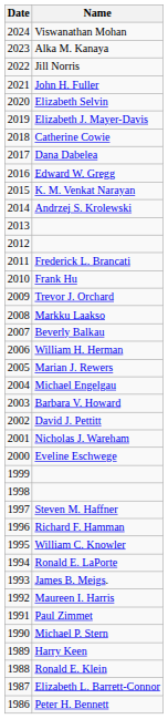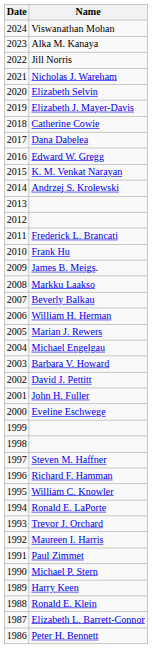 <table class="wikitable">
 <tr>
 <th>Date</th>
 <th>Name</th>
 </tr>
 <tr>
 <td>2024</td>
 <td>Viswanathan Mohan</td>
 </tr>
 <tr>
 <td>2023</td>
 <td>Alka M. Kanaya</td>
 </tr>
 <tr>
 <td>2022</td>
 <td>Jill Norris</td>
 </tr>
 <tr>
 <td>2021</td>
-<td><a href='#'>John H. Fuller</a></td>
+<td><a href='#'>Nicholas J. Wareham</a></td>
 </tr>
 <tr>
 <td>2020</td>
 <td><a href='#'>Elizabeth Selvin</a></td>
 </tr>
 <tr>
 <td>2019</td>
 <td><a href='#'>Elizabeth J. Mayer-Davis</a></td>
 </tr>
 <tr>
 <td>2018</td>
 <td><a href='#'>Catherine Cowie</a></td>
 </tr>
 <tr>
 <td>2017</td>
 <td><a href='#'>Dana Dabelea</a></td>
 </tr>
 <tr>
 <td>2016</td>
 <td><a href='#'>Edward W. Gregg</a></td>
 </tr>
 <tr>
 <td>2015</td>
 <td><a href='#'>K. M. Venkat Narayan</a></td>
 </tr>
 <tr>
 <td>2014</td>
 <td><a href='#'>Andrzej S. Krolewski</a></td>
 </tr>
 <tr>
 <td>2013</td>
 <td></td>
 </tr>
 <tr>
 <td>2012</td>
 <td></td>
 </tr>
 <tr>
 <td>2011</td>
 <td><a href='#'>Frederick L. Brancati</a></td>
 </tr>
 <tr>
 <td>2010</td>
 <td><a href='#'>Frank Hu</a></td>
 </tr>
 <tr>
 <td>2009</td>
-<td><a href='#'>Trevor J. Orchard</a></td>
+<td><a href='#'>James B. Meigs</a>.</td>
 </tr>
 <tr>
 <td>2008</td>
 <td><a href='#'>Markku Laakso</a></td>
 </tr>
 <tr>
 <td>2007</td>
 <td><a href='#'>Beverly Balkau</a></td>
 </tr>
 <tr>
 <td>2006</td>
 <td><a href='#'>William H. Herman</a></td>
 </tr>
 <tr>
 <td>2005</td>
 <td><a href='#'>Marian J. Rewers</a></td>
 </tr>
 <tr>
 <td>2004</td>
 <td><a href='#'>Michael Engelgau</a></td>
 </tr>
 <tr>
 <td>2003</td>
 <td><a href='#'>Barbara V. Howard</a></td>
 </tr>
 <tr>
 <td>2002</td>
 <td><a href='#'>David J. Pettitt</a></td>
 </tr>
 <tr>
 <td>2001</td>
-<td><a href='#'>Nicholas J. Wareham</a></td>
+<td><a href='#'>John H. Fuller</a></td>
 </tr>
 <tr>
 <td>2000</td>
 <td><a href='#'>Eveline Eschwege</a></td>
 </tr>
 <tr>
 <td>1999</td>
 <td></td>
 </tr>
 <tr>
 <td>1998</td>
 <td></td>
 </tr>
 <tr>
 <td>1997</td>
 <td><a href='#'>Steven M. Haffner</a></td>
 </tr>
 <tr>
 <td>1996</td>
 <td><a href='#'>Richard F. Hamman</a></td>
 </tr>
 <tr>
 <td>1995</td>
 <td><a href='#'>William C. Knowler</a></td>
 </tr>
 <tr>
 <td>1994</td>
 <td><a href='#'>Ronald E. LaPorte</a></td>
 </tr>
 <tr>
 <td>1993</td>
-<td><a href='#'>James B. Meigs</a>.</td>
+<td><a href='#'>Trevor J. Orchard</a></td>
 </tr>
 <tr>
 <td>1992</td>
 <td><a href='#'>Maureen I. Harris</a></td>
 </tr>
 <tr>
 <td>1991</td>
 <td><a href='#'>Paul Zimmet</a></td>
 </tr>
 <tr>
 <td>1990</td>
 <td><a href='#'>Michael P. Stern</a></td>
 </tr>
 <tr>
 <td>1989</td>
 <td><a href='#'>Harry Keen</a></td>
 </tr>
 <tr>
 <td>1988</td>
 <td><a href='#'>Ronald E. Klein</a></td>
 </tr>
 <tr>
 <td>1987</td>
 <td><a href='#'>Elizabeth L. Barrett-Connor</a></td>
 </tr>
 <tr>
 <td>1986</td>
 <td><a href='#'>Peter H. Bennett</a></td>
 </tr>
 </table>
